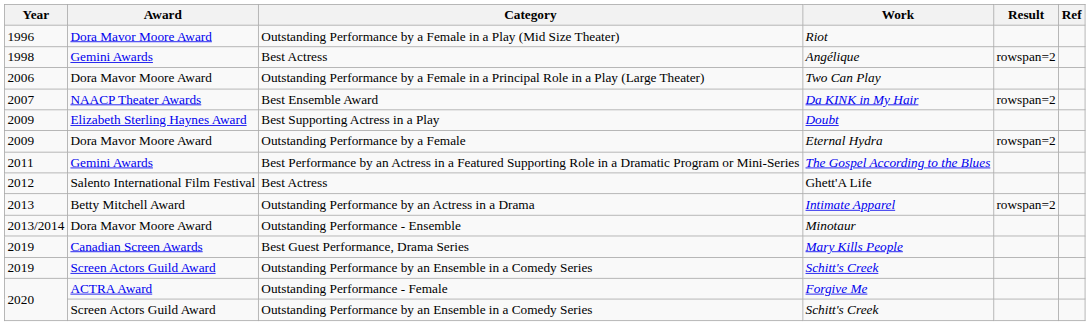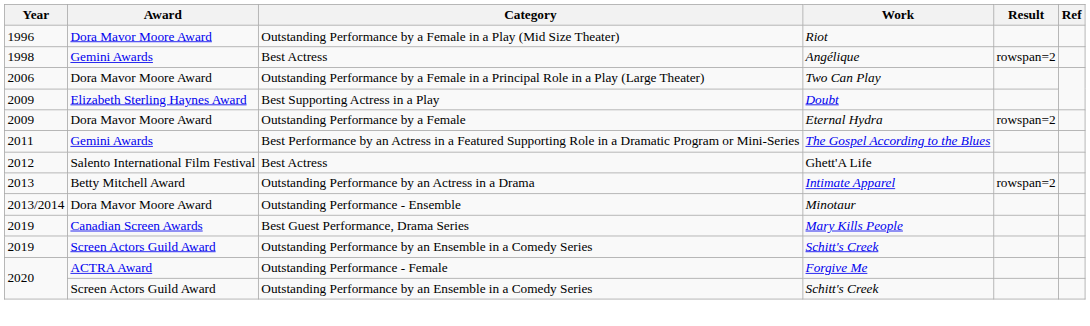 <table class="wikitable">
 <tr>
 <th>Year</th>
 <th>Award</th>
 <th>Category</th>
 <th>Work</th>
 <th>Result</th>
 <th>Ref</th>
 </tr>
 <tr>
 <td>1996</td>
 <td><a href='#'>Dora Mavor Moore Award</a></td>
 <td>Outstanding Performance by a Female in a Play (Mid Size Theater)</td>
 <td><em>Riot</em></td>
 <td></td>
 <td></td>
 </tr>
 <tr>
 <td>1998</td>
 <td><a href='#'>Gemini Awards</a></td>
 <td>Best Actress</td>
 <td><em>Angélique</em></td>
 <td>rowspan=2 </td>
 <td></td>
 </tr>
 <tr>
 <td>2006</td>
 <td>Dora Mavor Moore Award</td>
 <td>Outstanding Performance by a Female in a Principal Role in a Play (Large Theater)</td>
 <td><em>Two Can Play</em></td>
-<td></td>
-</tr>
-<tr>
-<td>2007</td>
-<td><a href='#'>NAACP Theater Awards</a></td>
-<td>Best Ensemble Award</td>
-<td><em><a href='#'>Da KINK in My Hair</a></em></td>
-<td>rowspan=2 </td>
 <td></td>
 </tr>
 <tr>
 <td>2009</td>
 <td><a href='#'>Elizabeth Sterling Haynes Award</a></td>
 <td>Best Supporting Actress in a Play</td>
 <td><em><a href='#'>Doubt</a></em></td>
 <td></td>
 </tr>
 <tr>
 <td>2009</td>
 <td>Dora Mavor Moore Award</td>
 <td>Outstanding Performance by a Female</td>
 <td><em>Eternal Hydra</em></td>
 <td>rowspan=2 </td>
 <td></td>
 </tr>
 <tr>
 <td>2011</td>
 <td><a href='#'>Gemini Awards</a></td>
 <td>Best Performance by an Actress in a Featured Supporting Role in a Dramatic Program or Mini-Series</td>
 <td><em><a href='#'>The Gospel According to the Blues</a></em></td>
 <td></td>
 </tr>
 <tr>
 <td>2012</td>
 <td>Salento International Film Festival</td>
 <td>Best Actress</td>
 <td>Ghett'A Life</td>
 <td></td>
 <td></td>
 </tr>
 <tr>
 <td>2013</td>
 <td>Betty Mitchell Award</td>
 <td>Outstanding Performance by an Actress in a Drama</td>
 <td><a href='#'><em>Intimate Apparel</em></a></td>
 <td>rowspan=2 </td>
 <td></td>
 </tr>
 <tr>
 <td>2013/2014</td>
 <td>Dora Mavor Moore Award</td>
 <td>Outstanding Performance - Ensemble</td>
 <td><em>Minotaur</em></td>
 <td><br></td>
 </tr>
 <tr>
 <td>2019</td>
 <td><a href='#'>Canadian Screen Awards</a></td>
 <td>Best Guest Performance, Drama Series</td>
 <td><em><a href='#'>Mary Kills People</a></em></td>
 <td></td>
 <td></td>
 </tr>
 <tr>
 <td>2019</td>
 <td><a href='#'>Screen Actors Guild Award</a></td>
 <td>Outstanding Performance by an Ensemble in a Comedy Series</td>
 <td><em><a href='#'>Schitt's Creek</a></em></td>
 <td></td>
 <td></td>
 </tr>
 <tr>
 <td rowspan=2>2020</td>
 <td><a href='#'>ACTRA Award</a></td>
 <td>Outstanding Performance - Female</td>
 <td><em><a href='#'>Forgive Me</a></em></td>
 <td></td>
 <td></td>
 </tr>
 <tr>
 <td>Screen Actors Guild Award</td>
 <td>Outstanding Performance by an Ensemble in a Comedy Series</td>
 <td><em>Schitt's Creek</em></td>
 <td></td>
 <td></td>
 </tr>
 </table>
